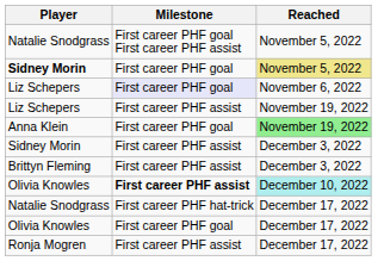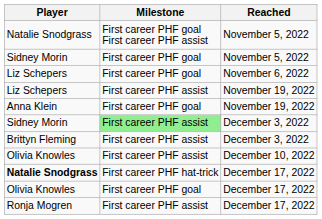 <table class="wikitable">
 <tr>
 <th>Player</th>
 <th>Milestone</th>
 <th>Reached</th>
 </tr>
 <tr>
 <td>Natalie Snodgrass</td>
 <td>First career PHF goal<br>First career PHF assist</td>
 <td>November 5, 2022</td>
 </tr>
 <tr>
-<td><strong>Sidney Morin</strong></td>
+<td>Sidney Morin</td>
 <td>First career PHF goal</td>
-<td style="background: khaki;">November 5, 2022</td>
+<td>November 5, 2022</td>
 </tr>
 <tr>
 <td>Liz Schepers</td>
-<td style="background: lavender;">First career PHF goal</td>
+<td>First career PHF goal</td>
 <td>November 6, 2022</td>
 </tr>
 <tr>
 <td>Liz Schepers</td>
 <td>First career PHF assist</td>
 <td>November 19, 2022</td>
 </tr>
 <tr>
 <td>Anna Klein</td>
 <td>First career PHF goal</td>
-<td style="background: lightgreen;">November 19, 2022</td>
+<td>November 19, 2022</td>
 </tr>
 <tr>
 <td>Sidney Morin</td>
-<td>First career PHF assist</td>
+<td style="background: lightgreen;">First career PHF assist</td>
 <td>December 3, 2022</td>
 </tr>
 <tr>
 <td>Brittyn Fleming</td>
 <td>First career PHF assist</td>
 <td>December 3, 2022</td>
 </tr>
 <tr>
 <td>Olivia Knowles</td>
-<td><strong>First career PHF assist</strong></td>
-<td style="background: paleturquoise;">December 10, 2022</td>
+<td>First career PHF assist</td>
+<td>December 10, 2022</td>
 </tr>
 <tr>
-<td>Natalie Snodgrass</td>
+<td><strong>Natalie Snodgrass</strong></td>
 <td>First career PHF hat-trick</td>
 <td>December 17, 2022</td>
 </tr>
 <tr>
 <td>Olivia Knowles</td>
 <td>First career PHF goal</td>
 <td>December 17, 2022</td>
 </tr>
 <tr>
 <td>Ronja Mogren</td>
 <td>First career PHF assist</td>
 <td>December 17, 2022</td>
 </tr>
 </table>
